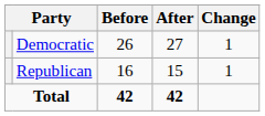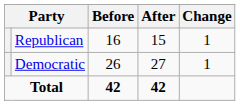 <table class="wikitable" style="text-align:center;">
 <tr>
 </tr>
 <tr>
 <th colspan=2>Party</th>
 <th>Before</th>
 <th>After</th>
 <th>Change</th>
 </tr>
 <tr>
 <th style="background-color:"></th>
-<td style="text-align:left;"><a href='#'>Democratic</a></td>
-<td>26</td>
-<td>27</td>
+<td style="text-align:left;"><a href='#'>Republican</a></td>
+<td>16</td>
+<td>15</td>
 <td> 1</td>
 </tr>
 <tr>
 <th style="background-color:"></th>
-<td style="text-align:left;"><a href='#'>Republican</a></td>
-<td>16</td>
-<td>15</td>
+<td style="text-align:left;"><a href='#'>Democratic</a></td>
+<td>26</td>
+<td>27</td>
 <td> 1</td>
 </tr>
 <tr>
 <td colspan=2><strong>Total</strong></td>
 <td><strong>42</strong></td>
 <td><strong>42</strong></td>
 <td></td>
 </tr>
 </table>
